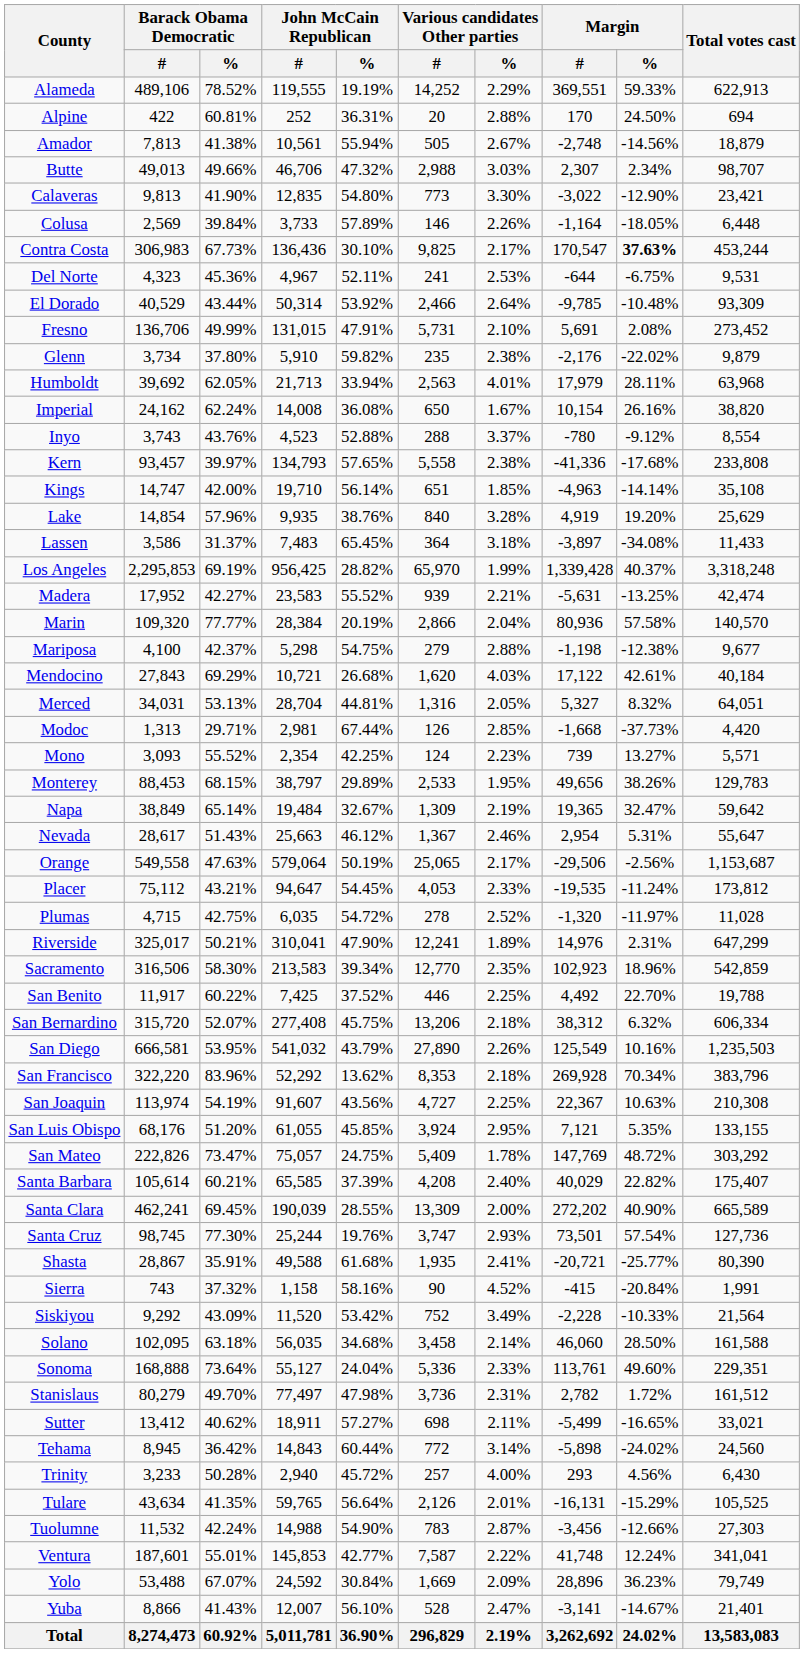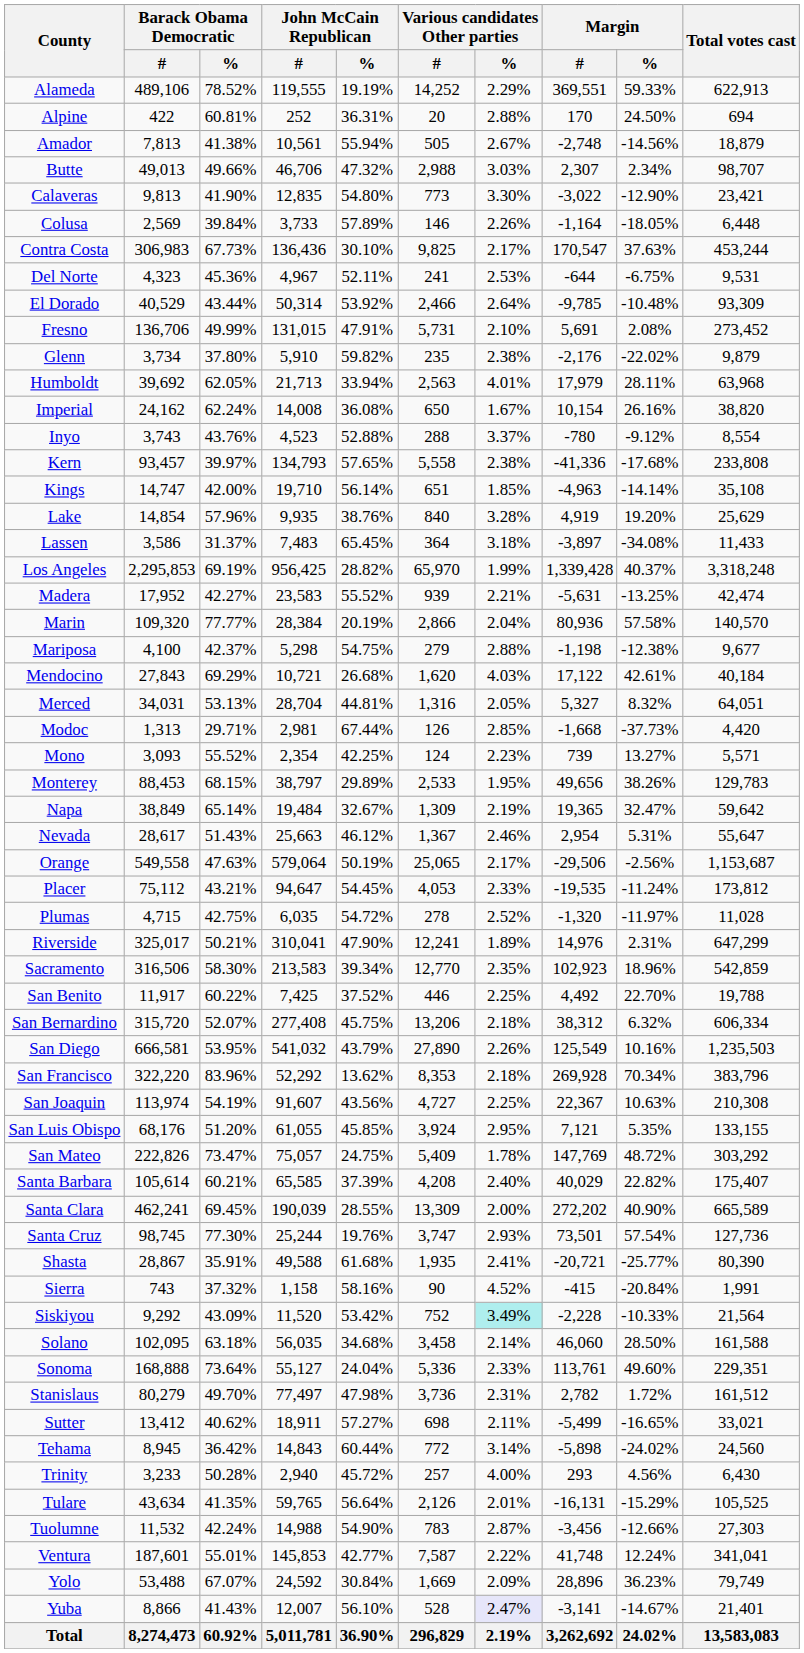 <table width="60%"  class="wikitable sortable" style="text-align:center">
 <tr>
 <th style="text-align:center;" rowspan="2">County</th>
 <th style="text-align:center;" colspan="2">Barack Obama<br>Democratic</th>
 <th style="text-align:center;" colspan="2">John McCain<br>Republican</th>
 <th style="text-align:center;" colspan="2">Various candidates<br>Other parties</th>
 <th style="text-align:center;" colspan="2">Margin</th>
 <th style="text-align:center;" rowspan="2">Total votes cast</th>
 </tr>
 <tr>
 <th style="text-align:center;" data-sort-type="number">#</th>
 <th style="text-align:center;" data-sort-type="number">%</th>
 <th style="text-align:center;" data-sort-type="number">#</th>
 <th style="text-align:center;" data-sort-type="number">%</th>
 <th style="text-align:center;" data-sort-type="number">#</th>
 <th style="text-align:center;" data-sort-type="number">%</th>
 <th style="text-align:center;" data-sort-type="number">#</th>
 <th style="text-align:center;" data-sort-type="number">%</th>
 </tr>
 <tr style="text-align:center;">
 <td><a href='#'>Alameda</a></td>
 <td>489,106</td>
 <td>78.52%</td>
 <td>119,555</td>
 <td>19.19%</td>
 <td>14,252</td>
 <td>2.29%</td>
 <td>369,551</td>
 <td>59.33%</td>
 <td>622,913</td>
 </tr>
 <tr style="text-align:center;">
 <td><a href='#'>Alpine</a></td>
 <td>422</td>
 <td>60.81%</td>
 <td>252</td>
 <td>36.31%</td>
 <td>20</td>
 <td>2.88%</td>
 <td>170</td>
 <td>24.50%</td>
 <td>694</td>
 </tr>
 <tr style="text-align:center;">
 <td><a href='#'>Amador</a></td>
 <td>7,813</td>
 <td>41.38%</td>
 <td>10,561</td>
 <td>55.94%</td>
 <td>505</td>
 <td>2.67%</td>
 <td>-2,748</td>
 <td>-14.56%</td>
 <td>18,879</td>
 </tr>
 <tr style="text-align:center;">
 <td><a href='#'>Butte</a></td>
 <td>49,013</td>
 <td>49.66%</td>
 <td>46,706</td>
 <td>47.32%</td>
 <td>2,988</td>
 <td>3.03%</td>
 <td>2,307</td>
 <td>2.34%</td>
 <td>98,707</td>
 </tr>
 <tr style="text-align:center;">
 <td><a href='#'>Calaveras</a></td>
 <td>9,813</td>
 <td>41.90%</td>
 <td>12,835</td>
 <td>54.80%</td>
 <td>773</td>
 <td>3.30%</td>
 <td>-3,022</td>
 <td>-12.90%</td>
 <td>23,421</td>
 </tr>
 <tr style="text-align:center;">
 <td><a href='#'>Colusa</a></td>
 <td>2,569</td>
 <td>39.84%</td>
 <td>3,733</td>
 <td>57.89%</td>
 <td>146</td>
 <td>2.26%</td>
 <td>-1,164</td>
 <td>-18.05%</td>
 <td>6,448</td>
 </tr>
 <tr style="text-align:center;">
 <td><a href='#'>Contra Costa</a></td>
 <td>306,983</td>
 <td>67.73%</td>
 <td>136,436</td>
 <td>30.10%</td>
 <td>9,825</td>
 <td>2.17%</td>
 <td>170,547</td>
-<td><strong>37.63%</strong></td>
+<td>37.63%</td>
 <td>453,244</td>
 </tr>
 <tr style="text-align:center;">
 <td><a href='#'>Del Norte</a></td>
 <td>4,323</td>
 <td>45.36%</td>
 <td>4,967</td>
 <td>52.11%</td>
 <td>241</td>
 <td>2.53%</td>
 <td>-644</td>
 <td>-6.75%</td>
 <td>9,531</td>
 </tr>
 <tr style="text-align:center;">
 <td><a href='#'>El Dorado</a></td>
 <td>40,529</td>
 <td>43.44%</td>
 <td>50,314</td>
 <td>53.92%</td>
 <td>2,466</td>
 <td>2.64%</td>
 <td>-9,785</td>
 <td>-10.48%</td>
 <td>93,309</td>
 </tr>
 <tr style="text-align:center;">
 <td><a href='#'>Fresno</a></td>
 <td>136,706</td>
 <td>49.99%</td>
 <td>131,015</td>
 <td>47.91%</td>
 <td>5,731</td>
 <td>2.10%</td>
 <td>5,691</td>
 <td>2.08%</td>
 <td>273,452</td>
 </tr>
 <tr style="text-align:center;">
 <td><a href='#'>Glenn</a></td>
 <td>3,734</td>
 <td>37.80%</td>
 <td>5,910</td>
 <td>59.82%</td>
 <td>235</td>
 <td>2.38%</td>
 <td>-2,176</td>
 <td>-22.02%</td>
 <td>9,879</td>
 </tr>
 <tr style="text-align:center;">
 <td><a href='#'>Humboldt</a></td>
 <td>39,692</td>
 <td>62.05%</td>
 <td>21,713</td>
 <td>33.94%</td>
 <td>2,563</td>
 <td>4.01%</td>
 <td>17,979</td>
 <td>28.11%</td>
 <td>63,968</td>
 </tr>
 <tr style="text-align:center;">
 <td><a href='#'>Imperial</a></td>
 <td>24,162</td>
 <td>62.24%</td>
 <td>14,008</td>
 <td>36.08%</td>
 <td>650</td>
 <td>1.67%</td>
 <td>10,154</td>
 <td>26.16%</td>
 <td>38,820</td>
 </tr>
 <tr style="text-align:center;">
 <td><a href='#'>Inyo</a></td>
 <td>3,743</td>
 <td>43.76%</td>
 <td>4,523</td>
 <td>52.88%</td>
 <td>288</td>
 <td>3.37%</td>
 <td>-780</td>
 <td>-9.12%</td>
 <td>8,554</td>
 </tr>
 <tr style="text-align:center;">
 <td><a href='#'>Kern</a></td>
 <td>93,457</td>
 <td>39.97%</td>
 <td>134,793</td>
 <td>57.65%</td>
 <td>5,558</td>
 <td>2.38%</td>
 <td>-41,336</td>
 <td>-17.68%</td>
 <td>233,808</td>
 </tr>
 <tr style="text-align:center;">
 <td><a href='#'>Kings</a></td>
 <td>14,747</td>
 <td>42.00%</td>
 <td>19,710</td>
 <td>56.14%</td>
 <td>651</td>
 <td>1.85%</td>
 <td>-4,963</td>
 <td>-14.14%</td>
 <td>35,108</td>
 </tr>
 <tr style="text-align:center;">
 <td><a href='#'>Lake</a></td>
 <td>14,854</td>
 <td>57.96%</td>
 <td>9,935</td>
 <td>38.76%</td>
 <td>840</td>
 <td>3.28%</td>
 <td>4,919</td>
 <td>19.20%</td>
 <td>25,629</td>
 </tr>
 <tr style="text-align:center;">
 <td><a href='#'>Lassen</a></td>
 <td>3,586</td>
 <td>31.37%</td>
 <td>7,483</td>
 <td>65.45%</td>
 <td>364</td>
 <td>3.18%</td>
 <td>-3,897</td>
 <td>-34.08%</td>
 <td>11,433</td>
 </tr>
 <tr style="text-align:center;">
 <td><a href='#'>Los Angeles</a></td>
 <td>2,295,853</td>
 <td>69.19%</td>
 <td>956,425</td>
 <td>28.82%</td>
 <td>65,970</td>
 <td>1.99%</td>
 <td>1,339,428</td>
 <td>40.37%</td>
 <td>3,318,248</td>
 </tr>
 <tr style="text-align:center;">
 <td><a href='#'>Madera</a></td>
 <td>17,952</td>
 <td>42.27%</td>
 <td>23,583</td>
 <td>55.52%</td>
 <td>939</td>
 <td>2.21%</td>
 <td>-5,631</td>
 <td>-13.25%</td>
 <td>42,474</td>
 </tr>
 <tr style="text-align:center;">
 <td><a href='#'>Marin</a></td>
 <td>109,320</td>
 <td>77.77%</td>
 <td>28,384</td>
 <td>20.19%</td>
 <td>2,866</td>
 <td>2.04%</td>
 <td>80,936</td>
 <td>57.58%</td>
 <td>140,570</td>
 </tr>
 <tr style="text-align:center;">
 <td><a href='#'>Mariposa</a></td>
 <td>4,100</td>
 <td>42.37%</td>
 <td>5,298</td>
 <td>54.75%</td>
 <td>279</td>
 <td>2.88%</td>
 <td>-1,198</td>
 <td>-12.38%</td>
 <td>9,677</td>
 </tr>
 <tr style="text-align:center;">
 <td><a href='#'>Mendocino</a></td>
 <td>27,843</td>
 <td>69.29%</td>
 <td>10,721</td>
 <td>26.68%</td>
 <td>1,620</td>
 <td>4.03%</td>
 <td>17,122</td>
 <td>42.61%</td>
 <td>40,184</td>
 </tr>
 <tr style="text-align:center;">
 <td><a href='#'>Merced</a></td>
 <td>34,031</td>
 <td>53.13%</td>
 <td>28,704</td>
 <td>44.81%</td>
 <td>1,316</td>
 <td>2.05%</td>
 <td>5,327</td>
 <td>8.32%</td>
 <td>64,051</td>
 </tr>
 <tr style="text-align:center;">
 <td><a href='#'>Modoc</a></td>
 <td>1,313</td>
 <td>29.71%</td>
 <td>2,981</td>
 <td>67.44%</td>
 <td>126</td>
 <td>2.85%</td>
 <td>-1,668</td>
 <td>-37.73%</td>
 <td>4,420</td>
 </tr>
 <tr style="text-align:center;">
 <td><a href='#'>Mono</a></td>
 <td>3,093</td>
 <td>55.52%</td>
 <td>2,354</td>
 <td>42.25%</td>
 <td>124</td>
 <td>2.23%</td>
 <td>739</td>
 <td>13.27%</td>
 <td>5,571</td>
 </tr>
 <tr style="text-align:center;">
 <td><a href='#'>Monterey</a></td>
 <td>88,453</td>
 <td>68.15%</td>
 <td>38,797</td>
 <td>29.89%</td>
 <td>2,533</td>
 <td>1.95%</td>
 <td>49,656</td>
 <td>38.26%</td>
 <td>129,783</td>
 </tr>
 <tr style="text-align:center;">
 <td><a href='#'>Napa</a></td>
 <td>38,849</td>
 <td>65.14%</td>
 <td>19,484</td>
 <td>32.67%</td>
 <td>1,309</td>
 <td>2.19%</td>
 <td>19,365</td>
 <td>32.47%</td>
 <td>59,642</td>
 </tr>
 <tr style="text-align:center;">
 <td><a href='#'>Nevada</a></td>
 <td>28,617</td>
 <td>51.43%</td>
 <td>25,663</td>
 <td>46.12%</td>
 <td>1,367</td>
 <td>2.46%</td>
 <td>2,954</td>
 <td>5.31%</td>
 <td>55,647</td>
 </tr>
 <tr style="text-align:center;">
 <td><a href='#'>Orange</a></td>
 <td>549,558</td>
 <td>47.63%</td>
 <td>579,064</td>
 <td>50.19%</td>
 <td>25,065</td>
 <td>2.17%</td>
 <td>-29,506</td>
 <td>-2.56%</td>
 <td>1,153,687</td>
 </tr>
 <tr style="text-align:center;">
 <td><a href='#'>Placer</a></td>
 <td>75,112</td>
 <td>43.21%</td>
 <td>94,647</td>
 <td>54.45%</td>
 <td>4,053</td>
 <td>2.33%</td>
 <td>-19,535</td>
 <td>-11.24%</td>
 <td>173,812</td>
 </tr>
 <tr style="text-align:center;">
 <td><a href='#'>Plumas</a></td>
 <td>4,715</td>
 <td>42.75%</td>
 <td>6,035</td>
 <td>54.72%</td>
 <td>278</td>
 <td>2.52%</td>
 <td>-1,320</td>
 <td>-11.97%</td>
 <td>11,028</td>
 </tr>
 <tr style="text-align:center;">
 <td><a href='#'>Riverside</a></td>
 <td>325,017</td>
 <td>50.21%</td>
 <td>310,041</td>
 <td>47.90%</td>
 <td>12,241</td>
 <td>1.89%</td>
 <td>14,976</td>
 <td>2.31%</td>
 <td>647,299</td>
 </tr>
 <tr style="text-align:center;">
 <td><a href='#'>Sacramento</a></td>
 <td>316,506</td>
 <td>58.30%</td>
 <td>213,583</td>
 <td>39.34%</td>
 <td>12,770</td>
 <td>2.35%</td>
 <td>102,923</td>
 <td>18.96%</td>
 <td>542,859</td>
 </tr>
 <tr style="text-align:center;">
 <td><a href='#'>San Benito</a></td>
 <td>11,917</td>
 <td>60.22%</td>
 <td>7,425</td>
 <td>37.52%</td>
 <td>446</td>
 <td>2.25%</td>
 <td>4,492</td>
 <td>22.70%</td>
 <td>19,788</td>
 </tr>
 <tr style="text-align:center;">
 <td><a href='#'>San Bernardino</a></td>
 <td>315,720</td>
 <td>52.07%</td>
 <td>277,408</td>
 <td>45.75%</td>
 <td>13,206</td>
 <td>2.18%</td>
 <td>38,312</td>
 <td>6.32%</td>
 <td>606,334</td>
 </tr>
 <tr style="text-align:center;">
 <td><a href='#'>San Diego</a></td>
 <td>666,581</td>
 <td>53.95%</td>
 <td>541,032</td>
 <td>43.79%</td>
 <td>27,890</td>
 <td>2.26%</td>
 <td>125,549</td>
 <td>10.16%</td>
 <td>1,235,503</td>
 </tr>
 <tr style="text-align:center;">
 <td><a href='#'>San Francisco</a></td>
 <td>322,220</td>
 <td>83.96%</td>
 <td>52,292</td>
 <td>13.62%</td>
 <td>8,353</td>
 <td>2.18%</td>
 <td>269,928</td>
 <td>70.34%</td>
 <td>383,796</td>
 </tr>
 <tr style="text-align:center;">
 <td><a href='#'>San Joaquin</a></td>
 <td>113,974</td>
 <td>54.19%</td>
 <td>91,607</td>
 <td>43.56%</td>
 <td>4,727</td>
 <td>2.25%</td>
 <td>22,367</td>
 <td>10.63%</td>
 <td>210,308</td>
 </tr>
 <tr style="text-align:center;">
 <td><a href='#'>San Luis Obispo</a></td>
 <td>68,176</td>
 <td>51.20%</td>
 <td>61,055</td>
 <td>45.85%</td>
 <td>3,924</td>
 <td>2.95%</td>
 <td>7,121</td>
 <td>5.35%</td>
 <td>133,155</td>
 </tr>
 <tr style="text-align:center;">
 <td><a href='#'>San Mateo</a></td>
 <td>222,826</td>
 <td>73.47%</td>
 <td>75,057</td>
 <td>24.75%</td>
 <td>5,409</td>
 <td>1.78%</td>
 <td>147,769</td>
 <td>48.72%</td>
 <td>303,292</td>
 </tr>
 <tr style="text-align:center;">
 <td><a href='#'>Santa Barbara</a></td>
 <td>105,614</td>
 <td>60.21%</td>
 <td>65,585</td>
 <td>37.39%</td>
 <td>4,208</td>
 <td>2.40%</td>
 <td>40,029</td>
 <td>22.82%</td>
 <td>175,407</td>
 </tr>
 <tr style="text-align:center;">
 <td><a href='#'>Santa Clara</a></td>
 <td>462,241</td>
 <td>69.45%</td>
 <td>190,039</td>
 <td>28.55%</td>
 <td>13,309</td>
 <td>2.00%</td>
 <td>272,202</td>
 <td>40.90%</td>
 <td>665,589</td>
 </tr>
 <tr style="text-align:center;">
 <td><a href='#'>Santa Cruz</a></td>
 <td>98,745</td>
 <td>77.30%</td>
 <td>25,244</td>
 <td>19.76%</td>
 <td>3,747</td>
 <td>2.93%</td>
 <td>73,501</td>
 <td>57.54%</td>
 <td>127,736</td>
 </tr>
 <tr style="text-align:center;">
 <td><a href='#'>Shasta</a></td>
 <td>28,867</td>
 <td>35.91%</td>
 <td>49,588</td>
 <td>61.68%</td>
 <td>1,935</td>
 <td>2.41%</td>
 <td>-20,721</td>
 <td>-25.77%</td>
 <td>80,390</td>
 </tr>
 <tr style="text-align:center;">
 <td><a href='#'>Sierra</a></td>
 <td>743</td>
 <td>37.32%</td>
 <td>1,158</td>
 <td>58.16%</td>
 <td>90</td>
 <td>4.52%</td>
 <td>-415</td>
 <td>-20.84%</td>
 <td>1,991</td>
 </tr>
 <tr style="text-align:center;">
 <td><a href='#'>Siskiyou</a></td>
 <td>9,292</td>
 <td>43.09%</td>
 <td>11,520</td>
 <td>53.42%</td>
 <td>752</td>
-<td>3.49%</td>
+<td style="background: paleturquoise;">3.49%</td>
 <td>-2,228</td>
 <td>-10.33%</td>
 <td>21,564</td>
 </tr>
 <tr style="text-align:center;">
 <td><a href='#'>Solano</a></td>
 <td>102,095</td>
 <td>63.18%</td>
 <td>56,035</td>
 <td>34.68%</td>
 <td>3,458</td>
 <td>2.14%</td>
 <td>46,060</td>
 <td>28.50%</td>
 <td>161,588</td>
 </tr>
 <tr style="text-align:center;">
 <td><a href='#'>Sonoma</a></td>
 <td>168,888</td>
 <td>73.64%</td>
 <td>55,127</td>
 <td>24.04%</td>
 <td>5,336</td>
 <td>2.33%</td>
 <td>113,761</td>
 <td>49.60%</td>
 <td>229,351</td>
 </tr>
 <tr style="text-align:center;">
 <td><a href='#'>Stanislaus</a></td>
 <td>80,279</td>
 <td>49.70%</td>
 <td>77,497</td>
 <td>47.98%</td>
 <td>3,736</td>
 <td>2.31%</td>
 <td>2,782</td>
 <td>1.72%</td>
 <td>161,512</td>
 </tr>
 <tr style="text-align:center;">
 <td><a href='#'>Sutter</a></td>
 <td>13,412</td>
 <td>40.62%</td>
 <td>18,911</td>
 <td>57.27%</td>
 <td>698</td>
 <td>2.11%</td>
 <td>-5,499</td>
 <td>-16.65%</td>
 <td>33,021</td>
 </tr>
 <tr style="text-align:center;">
 <td><a href='#'>Tehama</a></td>
 <td>8,945</td>
 <td>36.42%</td>
 <td>14,843</td>
 <td>60.44%</td>
 <td>772</td>
 <td>3.14%</td>
 <td>-5,898</td>
 <td>-24.02%</td>
 <td>24,560</td>
 </tr>
 <tr style="text-align:center;">
 <td><a href='#'>Trinity</a></td>
 <td>3,233</td>
 <td>50.28%</td>
 <td>2,940</td>
 <td>45.72%</td>
 <td>257</td>
 <td>4.00%</td>
 <td>293</td>
 <td>4.56%</td>
 <td>6,430</td>
 </tr>
 <tr style="text-align:center;">
 <td><a href='#'>Tulare</a></td>
 <td>43,634</td>
 <td>41.35%</td>
 <td>59,765</td>
 <td>56.64%</td>
 <td>2,126</td>
 <td>2.01%</td>
 <td>-16,131</td>
 <td>-15.29%</td>
 <td>105,525</td>
 </tr>
 <tr style="text-align:center;">
 <td><a href='#'>Tuolumne</a></td>
 <td>11,532</td>
 <td>42.24%</td>
 <td>14,988</td>
 <td>54.90%</td>
 <td>783</td>
 <td>2.87%</td>
 <td>-3,456</td>
 <td>-12.66%</td>
 <td>27,303</td>
 </tr>
 <tr style="text-align:center;">
 <td><a href='#'>Ventura</a></td>
 <td>187,601</td>
 <td>55.01%</td>
 <td>145,853</td>
 <td>42.77%</td>
 <td>7,587</td>
 <td>2.22%</td>
 <td>41,748</td>
 <td>12.24%</td>
 <td>341,041</td>
 </tr>
 <tr style="text-align:center;">
 <td><a href='#'>Yolo</a></td>
 <td>53,488</td>
 <td>67.07%</td>
 <td>24,592</td>
 <td>30.84%</td>
 <td>1,669</td>
 <td>2.09%</td>
 <td>28,896</td>
 <td>36.23%</td>
 <td>79,749</td>
 </tr>
 <tr style="text-align:center;">
 <td><a href='#'>Yuba</a></td>
 <td>8,866</td>
 <td>41.43%</td>
 <td>12,007</td>
 <td>56.10%</td>
 <td>528</td>
-<td>2.47%</td>
+<td style="background: lavender;">2.47%</td>
 <td>-3,141</td>
 <td>-14.67%</td>
 <td>21,401</td>
 </tr>
 <tr>
 <th>Total</th>
 <th>8,274,473</th>
 <th>60.92%</th>
 <th>5,011,781</th>
 <th>36.90%</th>
 <th>296,829</th>
 <th>2.19%</th>
 <th>3,262,692</th>
 <th>24.02%</th>
 <th>13,583,083</th>
 </tr>
 </table>
